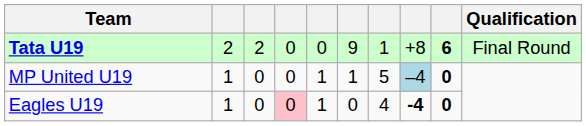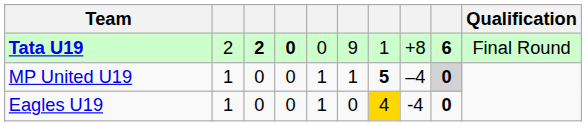 <table class="wikitable" style="text-align:center">
 <tr>
 <th width="175">Team</th>
 <th width="20"></th>
 <th width="20"></th>
 <th width="20"></th>
 <th width="20"></th>
 <th width="20"></th>
 <th width="20"></th>
 <th width="20"></th>
 <th width="20"></th>
 <th width="20">Qualification</th>
 </tr>
 <tr bgcolor="#ccffcc">
 <td align=left><strong><a href='#'>Tata U19</a></strong></td>
 <td>2</td>
-<td>2</td>
-<td>0</td>
+<td><strong>2</strong></td>
+<td><strong>0</strong></td>
 <td>0</td>
 <td>9</td>
 <td>1</td>
 <td>+8</td>
 <td><strong>6</strong></td>
 <td>Final Round</td>
 </tr>
 <tr>
 <td align=left><a href='#'>MP United U19</a></td>
 <td>1</td>
 <td>0</td>
 <td>0</td>
 <td>1</td>
 <td>1</td>
-<td>5</td>
-<td style="background: lightblue;">–4</td>
-<td><strong>0</strong></td>
+<td><strong>5</strong></td>
+<td>–4</td>
+<td style="background: lightgrey;"><strong>0</strong></td>
 </tr>
 <tr>
 <td align=left><a href='#'>Eagles U19</a></td>
 <td>1</td>
 <td>0</td>
-<td style="background: pink;">0</td>
+<td>0</td>
 <td>1</td>
 <td>0</td>
-<td>4</td>
-<td><strong>-4</strong></td>
+<td style="background: gold;">4</td>
+<td>-4</td>
 <td><strong>0</strong></td>
 </tr>
 </table>
